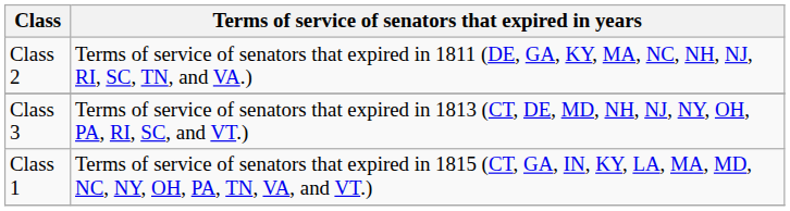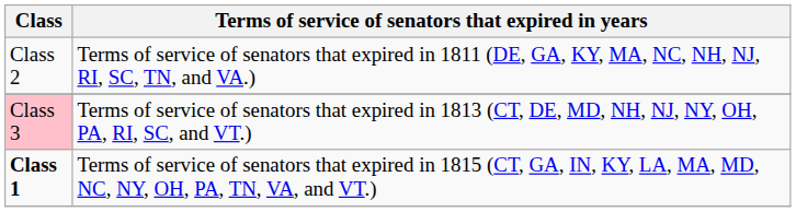 <table class="wikitable sortable">
 <tr valign=bottom>
 <th>Class</th>
 <th>Terms of service of senators that expired in years</th>
 </tr>
 <tr>
 <td>Class 2</td>
 <td>Terms of service of senators that expired in 1811 (<a href='#'>DE</a>, <a href='#'>GA</a>, <a href='#'>KY</a>, <a href='#'>MA</a>, <a href='#'>NC</a>, <a href='#'>NH</a>, <a href='#'>NJ</a>, <a href='#'>RI</a>, <a href='#'>SC</a>, <a href='#'>TN</a>, and <a href='#'>VA</a>.)</td>
 </tr>
 <tr>
 </tr>
 <tr>
-<td>Class 3</td>
+<td style="background: pink;">Class 3</td>
 <td>Terms of service of senators that expired in 1813 (<a href='#'>CT</a>, <a href='#'>DE</a>, <a href='#'>MD</a>, <a href='#'>NH</a>, <a href='#'>NJ</a>, <a href='#'>NY</a>, <a href='#'>OH</a>, <a href='#'>PA</a>, <a href='#'>RI</a>, <a href='#'>SC</a>, and <a href='#'>VT</a>.)</td>
 </tr>
 <tr>
-<td>Class 1</td>
+<td><strong>Class 1</strong></td>
 <td>Terms of service of senators that expired in 1815 (<a href='#'>CT</a>, <a href='#'>GA</a>, <a href='#'>IN</a>, <a href='#'>KY</a>, <a href='#'>LA</a>, <a href='#'>MA</a>, <a href='#'>MD</a>, <a href='#'>NC</a>, <a href='#'>NY</a>, <a href='#'>OH</a>, <a href='#'>PA</a>, <a href='#'>TN</a>, <a href='#'>VA</a>, and <a href='#'>VT</a>.)</td>
 </tr>
 <tr>
 </tr>
 </table>
